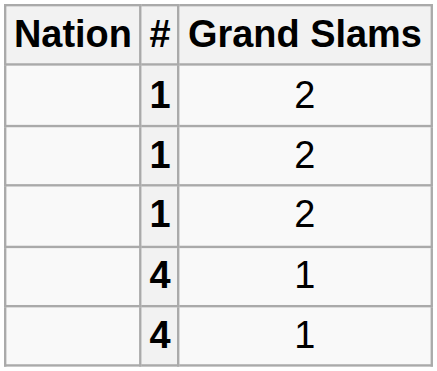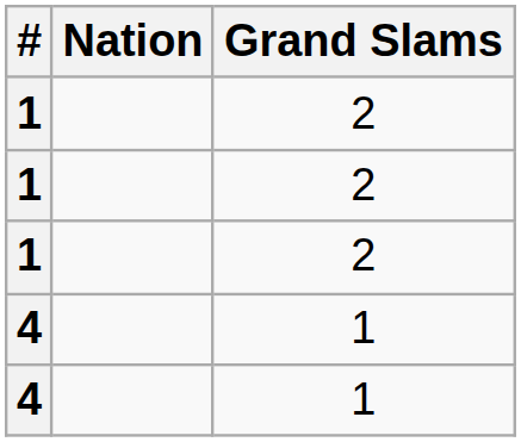 <table class="wikitable sortable" style="text-align: center;">
 <tr>
+<th>#</th>
 <th>Nation</th>
-<th>#</th>
 <th>Grand Slams</th>
 </tr>
 <tr>
+<th>1</th>
 <td></td>
-<th>1</th>
 <td>2</td>
 </tr>
 <tr>
+<th>1</th>
 <td></td>
-<th>1</th>
 <td>2</td>
 </tr>
 <tr>
+<th>1</th>
 <td></td>
-<th>1</th>
 <td>2</td>
 </tr>
 <tr>
+<th>4</th>
 <td></td>
-<th>4</th>
 <td>1</td>
 </tr>
 <tr>
+<th>4</th>
 <td></td>
-<th>4</th>
 <td>1</td>
 </tr>
 </table>
